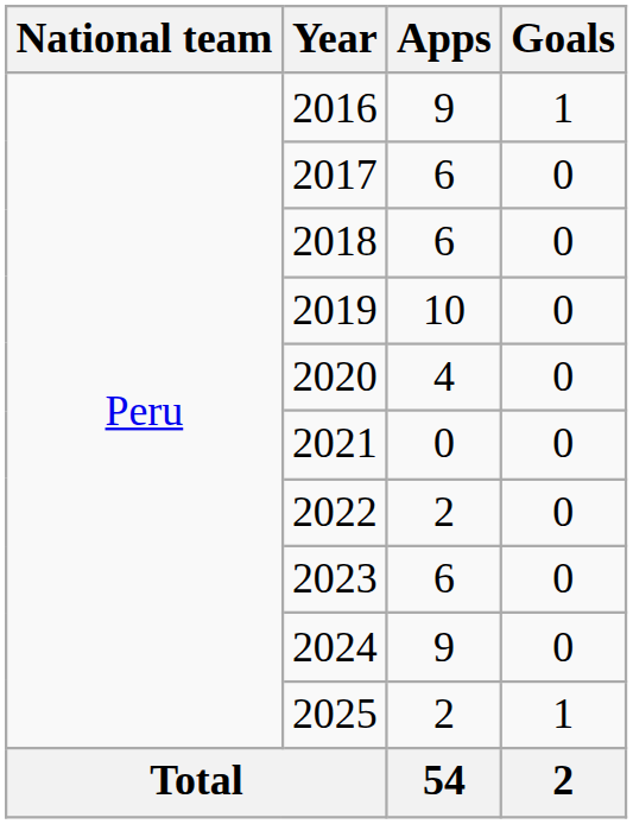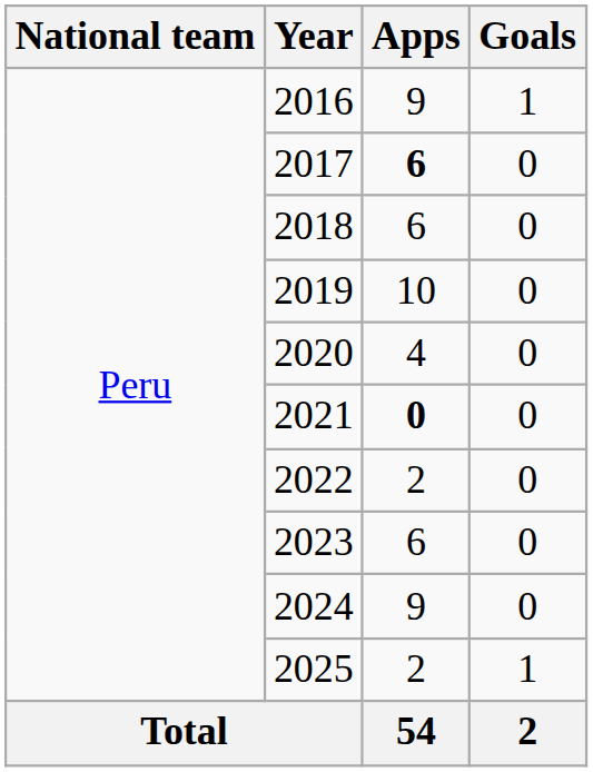 <table class="wikitable" style="text-align:center">
 <tr>
 <th>National team</th>
 <th>Year</th>
 <th>Apps</th>
 <th>Goals</th>
 </tr>
 <tr>
 <td rowspan="10"><a href='#'>Peru</a></td>
 <td>2016</td>
 <td>9</td>
 <td>1</td>
 </tr>
 <tr>
 <td>2017</td>
-<td>6</td>
+<td><strong>6</strong></td>
 <td>0</td>
 </tr>
 <tr>
 <td>2018</td>
 <td>6</td>
 <td>0</td>
 </tr>
 <tr>
 <td>2019</td>
 <td>10</td>
 <td>0</td>
 </tr>
 <tr>
 <td>2020</td>
 <td>4</td>
 <td>0</td>
 </tr>
 <tr>
 <td>2021</td>
-<td>0</td>
+<td><strong>0</strong></td>
 <td>0</td>
 </tr>
 <tr>
 <td>2022</td>
 <td>2</td>
 <td>0</td>
 </tr>
 <tr>
 <td>2023</td>
 <td>6</td>
 <td>0</td>
 </tr>
 <tr>
 <td>2024</td>
 <td>9</td>
 <td>0</td>
 </tr>
 <tr>
 <td>2025</td>
 <td>2</td>
 <td>1</td>
 </tr>
 <tr>
 <th colspan="2">Total</th>
 <th>54</th>
 <th>2</th>
 </tr>
 </table>
